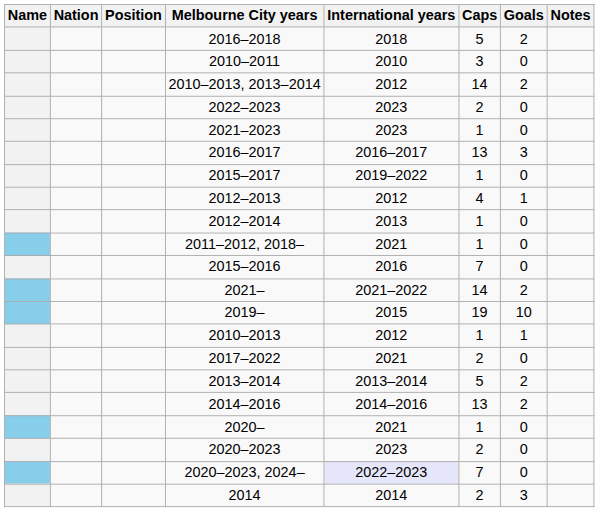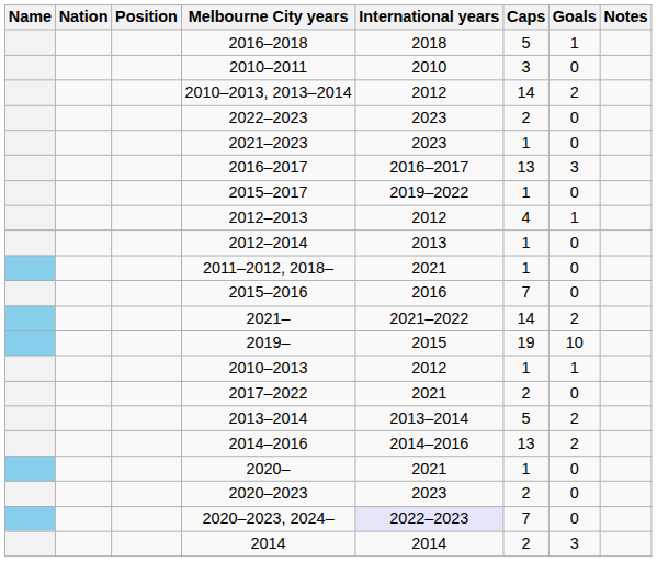 <table class="wikitable sortable plainrowheaders" style="text-align: center;">
 <tr>
 <th>Name</th>
 <th>Nation</th>
 <th>Position</th>
 <th>Melbourne City years</th>
 <th>International years</th>
 <th>Caps</th>
 <th>Goals</th>
 <th class="unsortable">Notes</th>
 </tr>
 <tr>
 <th scope=row></th>
 <td align="left"></td>
 <td></td>
 <td>2016–2018</td>
 <td>2018</td>
 <td>5</td>
-<td>2</td>
+<td>1</td>
 <td></td>
 </tr>
 <tr>
 <th scope=row></th>
 <td align="left"></td>
 <td></td>
 <td>2010–2011</td>
 <td>2010</td>
 <td>3</td>
 <td>0</td>
 <td></td>
 </tr>
 <tr>
 <th scope=row></th>
 <td align="left"></td>
 <td></td>
 <td>2010–2013, 2013–2014</td>
 <td>2012</td>
 <td>14</td>
 <td>2</td>
 <td></td>
 </tr>
 <tr>
 <th scope=row></th>
 <td align="left"></td>
 <td></td>
 <td>2022–2023</td>
 <td>2023</td>
 <td>2</td>
 <td>0</td>
 <td></td>
 </tr>
 <tr>
 <th scope=row></th>
 <td align="left"></td>
 <td></td>
 <td>2021–2023</td>
 <td>2023</td>
 <td>1</td>
 <td>0</td>
 <td></td>
 </tr>
 <tr>
 <th scope=row></th>
 <td align="left"></td>
 <td></td>
 <td>2016–2017</td>
 <td>2016–2017</td>
 <td>13</td>
 <td>3</td>
 <td></td>
 </tr>
 <tr>
 <th scope=row></th>
 <td align="left"></td>
 <td></td>
 <td>2015–2017</td>
 <td>2019–2022</td>
 <td>1</td>
 <td>0</td>
 <td></td>
 </tr>
 <tr>
 <th scope=row></th>
 <td align="left"></td>
 <td></td>
 <td>2012–2013</td>
 <td>2012</td>
 <td>4</td>
 <td>1</td>
 <td></td>
 </tr>
 <tr>
 <th scope=row></th>
 <td align="left"></td>
 <td></td>
 <td>2012–2014</td>
 <td>2013</td>
 <td>1</td>
 <td>0</td>
 <td></td>
 </tr>
 <tr>
 <th scope=row style="background:#87CEEB;"> </th>
 <td align="left"></td>
 <td></td>
 <td>2011–2012, 2018–</td>
 <td>2021</td>
 <td>1</td>
 <td>0</td>
 <td></td>
 </tr>
 <tr>
 <th scope=row></th>
 <td align="left"></td>
 <td></td>
 <td>2015–2016</td>
 <td>2016</td>
 <td>7</td>
 <td>0</td>
 <td></td>
 </tr>
 <tr>
 <th scope=row style="background:#87CEEB;"> </th>
 <td align="left"></td>
 <td></td>
 <td>2021–</td>
 <td>2021–2022</td>
 <td>14</td>
 <td>2</td>
 <td></td>
 </tr>
 <tr>
 <th scope=row style="background:#87CEEB;"> </th>
 <td align="left"></td>
 <td></td>
 <td>2019–</td>
 <td>2015</td>
 <td>19</td>
 <td>10</td>
 <td></td>
 </tr>
 <tr>
 <th scope=row></th>
 <td align="left"></td>
 <td></td>
 <td>2010–2013</td>
 <td>2012</td>
 <td>1</td>
 <td>1</td>
 <td></td>
 </tr>
 <tr>
 <th scope=row></th>
 <td align="left"></td>
 <td></td>
 <td>2017–2022</td>
 <td>2021</td>
 <td>2</td>
 <td>0</td>
 <td></td>
 </tr>
 <tr>
 <th scope=row></th>
 <td align="left"></td>
 <td></td>
 <td>2013–2014</td>
 <td>2013–2014</td>
 <td>5</td>
 <td>2</td>
 <td></td>
 </tr>
 <tr>
 <th scope=row></th>
 <td align="left"></td>
 <td></td>
 <td>2014–2016</td>
 <td>2014–2016</td>
 <td>13</td>
 <td>2</td>
 <td></td>
 </tr>
 <tr>
 <th scope=row style="background:#87CEEB;"> </th>
 <td align="left"></td>
 <td></td>
 <td>2020–</td>
 <td>2021</td>
 <td>1</td>
 <td>0</td>
 <td></td>
 </tr>
 <tr>
 <th scope=row></th>
 <td align="left"></td>
 <td></td>
 <td>2020–2023</td>
 <td>2023</td>
 <td>2</td>
 <td>0</td>
 <td></td>
 </tr>
 <tr>
 <th scope=row style="background:#87CEEB;"> </th>
 <td align="left"></td>
 <td></td>
 <td>2020–2023, 2024–</td>
 <td style="background: lavender;">2022–2023</td>
 <td>7</td>
 <td>0</td>
 <td></td>
 </tr>
 <tr>
 <th scope=row></th>
 <td align="left"></td>
 <td></td>
 <td>2014</td>
 <td>2014</td>
 <td>2</td>
 <td>3</td>
 <td></td>
 </tr>
 </table>
